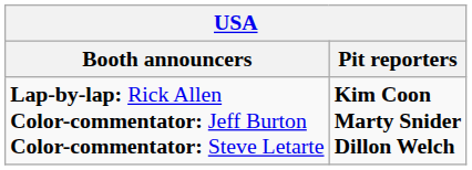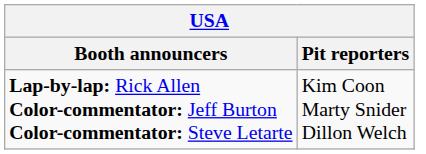 <table class="wikitable" style="font-size: 95%">
 <tr>
 <th colspan="2"><a href='#'>USA</a></th>
 </tr>
 <tr>
 <th>Booth announcers</th>
 <th>Pit reporters</th>
 </tr>
 <tr>
 <td><strong>Lap-by-lap:</strong> <a href='#'>Rick Allen</a><br><strong>Color-commentator:</strong> <a href='#'>Jeff Burton</a><br><strong>Color-commentator:</strong> <a href='#'>Steve Letarte</a></td>
-<td><strong>Kim Coon<br>Marty Snider<br>Dillon Welch</strong></td>
+<td>Kim Coon<br>Marty Snider<br>Dillon Welch</td>
 </tr>
 </table>
